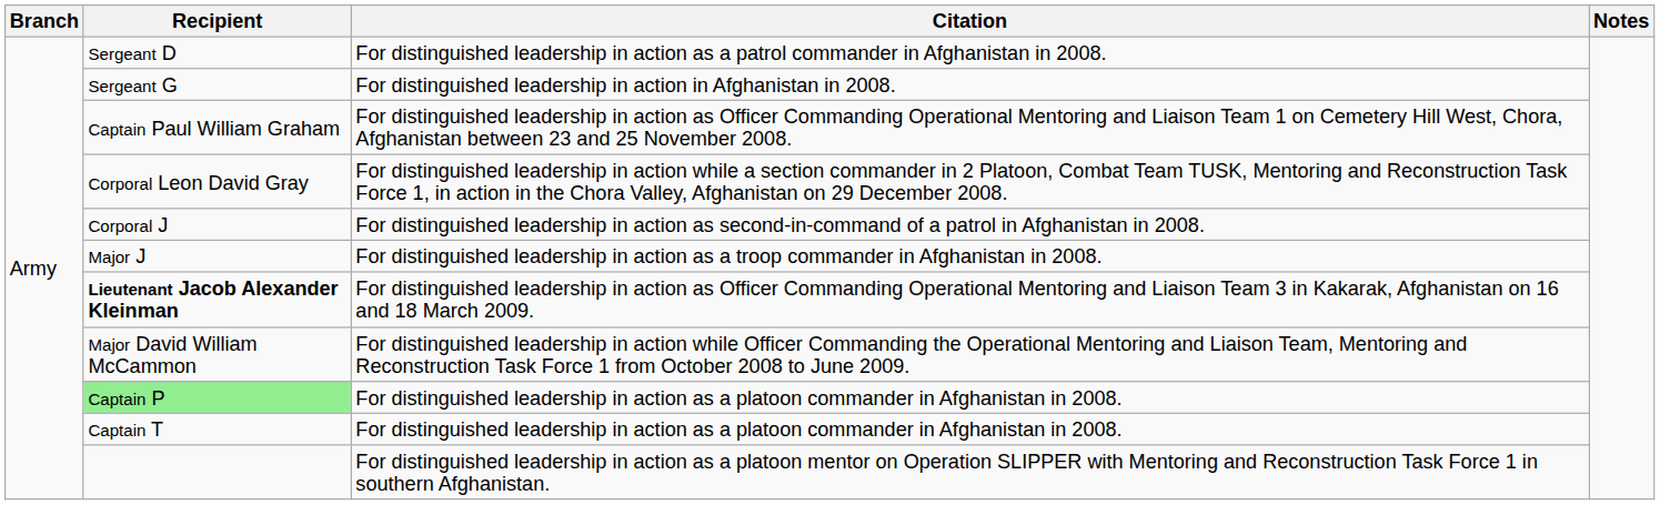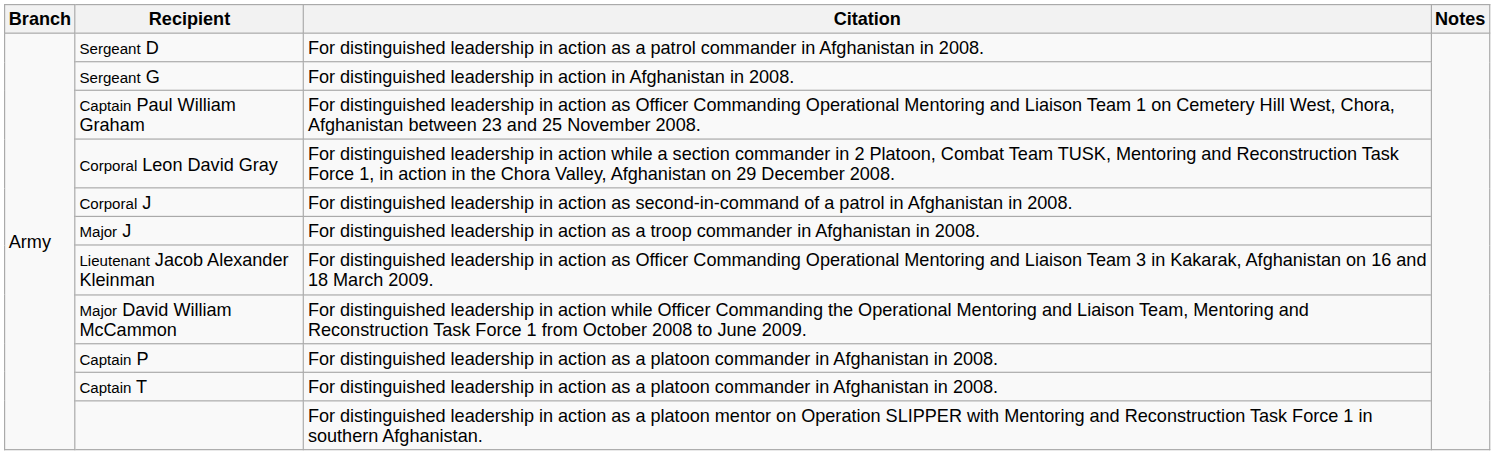 <table class="wikitable" style="font-size:95%;">
 <tr>
 <th>Branch</th>
 <th>Recipient</th>
 <th>Citation</th>
 <th>Notes</th>
 </tr>
 <tr>
 <td rowspan=11>Army</td>
 <td><small>Sergeant</small> D</td>
 <td>For distinguished leadership in action as a patrol commander in Afghanistan in 2008.</td>
 <td rowspan=11></td>
 </tr>
 <tr>
 <td><small>Sergeant</small> G</td>
 <td>For distinguished leadership in action in Afghanistan in 2008.</td>
 </tr>
 <tr>
 <td><small>Captain</small> Paul William Graham</td>
 <td>For distinguished leadership in action as Officer Commanding Operational Mentoring and Liaison Team 1 on Cemetery Hill West, Chora, Afghanistan between 23 and 25 November 2008.</td>
 </tr>
 <tr>
 <td><small>Corporal</small> Leon David Gray</td>
 <td>For distinguished leadership in action while a section commander in 2 Platoon, Combat Team TUSK, Mentoring and Reconstruction Task Force 1, in action in the Chora Valley, Afghanistan on 29 December 2008.</td>
 </tr>
 <tr>
 <td><small>Corporal</small> J</td>
 <td>For distinguished leadership in action as second-in-command of a patrol in Afghanistan in 2008.</td>
 </tr>
 <tr>
 <td><small>Major</small> J</td>
 <td>For distinguished leadership in action as a troop commander in Afghanistan in 2008.</td>
 </tr>
 <tr>
-<td><strong><small>Lieutenant</small> Jacob Alexander Kleinman</strong></td>
+<td><small>Lieutenant</small> Jacob Alexander Kleinman</td>
 <td>For distinguished leadership in action as Officer Commanding Operational Mentoring and Liaison Team 3 in Kakarak, Afghanistan on 16 and 18 March 2009.</td>
 </tr>
 <tr>
 <td><small>Major</small> David William McCammon</td>
 <td>For distinguished leadership in action while Officer Commanding the Operational Mentoring and Liaison Team, Mentoring and Reconstruction Task Force 1 from October 2008 to June 2009.</td>
 </tr>
 <tr>
-<td style="background: lightgreen;"><small>Captain</small> P</td>
+<td><small>Captain</small> P</td>
 <td>For distinguished leadership in action as a platoon commander in Afghanistan in 2008.</td>
 </tr>
 <tr>
 <td><small>Captain</small> T</td>
 <td>For distinguished leadership in action as a platoon commander in Afghanistan in 2008.</td>
 </tr>
 <tr>
 <td></td>
 <td>For distinguished leadership in action as a platoon mentor on Operation SLIPPER with Mentoring and Reconstruction Task Force 1 in southern Afghanistan.</td>
 </tr>
 </table>
